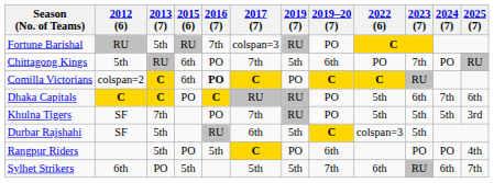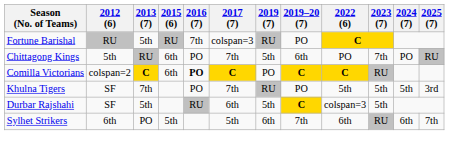 <table class="wikitable" style="text-align: center;">
 <tr>
 <th>Season<br>(No. of Teams)</th>
 <th><a href='#'>2012</a><br>(6)</th>
 <th><a href='#'>2013</a><br>(7)</th>
 <th><a href='#'>2015</a><br>(6)</th>
 <th><a href='#'>2016</a><br>(7)</th>
 <th><a href='#'>2017</a><br>(7)</th>
 <th><a href='#'>2019</a><br>(7)</th>
 <th><a href='#'>2019–20</a><br>(7)</th>
 <th><a href='#'>2022</a><br>(6)</th>
 <th><a href='#'>2023</a><br>(7)</th>
 <th><a href='#'>2024</a><br>(7)</th>
 <th><a href='#'>2025</a><br>(7)</th>
 </tr>
 <tr>
 <td style="text-align:left"><a href='#'>Fortune Barishal</a></td>
 <td style="background:silver;">RU</td>
 <td>5th</td>
 <td style="background:silver;">RU</td>
 <td>7th</td>
 <td>colspan=3 </td>
 <td style="background:silver;">RU</td>
 <td>PO</td>
 <td colspan="2" style="background:gold;"><strong>C</strong></td>
 </tr>
 <tr>
 <td style="text-align:left"><a href='#'>Chittagong Kings</a></td>
 <td>5th</td>
 <td style="background:silver;">RU</td>
 <td>6th</td>
 <td>PO</td>
 <td>7th</td>
 <td>5th</td>
 <td>6th</td>
 <td>PO</td>
 <td>7th</td>
 <td>PO</td>
 <td style="background:silver;">RU</td>
 </tr>
 <tr>
 <td style="text-align:left"><a href='#'>Comilla Victorians</a></td>
 <td>colspan=2 </td>
 <td style="background:gold;"><strong>C</strong></td>
 <td>6th</td>
 <td><strong>PO</strong></td>
 <td style="background:gold;"><strong>C</strong></td>
 <td>PO</td>
 <td style="background:gold;"><strong>C</strong></td>
 <td style="background:gold;"><strong>C</strong></td>
 <td style="background:silver;">RU</td>
 <td></td>
 </tr>
 <tr>
-<td style="text-align:left"><a href='#'>Dhaka Capitals</a></td>
-<td style="background:gold;"><strong>C</strong></td>
-<td style="background:gold;"><strong>C</strong></td>
-<td>PO</td>
-<td style="background:gold;"><strong>C</strong></td>
-<td style="background:silver;">RU</td>
-<td style="background:silver;">RU</td>
-<td>PO</td>
-<td>5th</td>
-<td>6th</td>
-<td>7th</td>
-<td>6th</td>
-</tr>
-<tr>
 <td style="text-align:left"><a href='#'>Khulna Tigers</a></td>
 <td>SF</td>
 <td>7th</td>
 <td></td>
 <td>PO</td>
 <td>7th</td>
 <td style="background:silver;">RU</td>
 <td>PO</td>
 <td>5th</td>
 <td>5th</td>
 <td>5th</td>
 <td>3rd</td>
 </tr>
 <tr>
 <td style="text-align:left"><a href='#'>Durbar Rajshahi</a></td>
 <td>SF</td>
 <td>5th</td>
 <td></td>
 <td style="background:silver;">RU</td>
 <td>6th</td>
 <td>5th</td>
 <td style="background:gold;"><strong>C</strong></td>
 <td>colspan=3 </td>
 <td>5th</td>
 </tr>
 <tr>
-<td style="text-align:left"><a href='#'>Rangpur Riders</a></td>
-<td></td>
-<td>5th</td>
-<td>PO</td>
-<td>5th</td>
-<td style="background:gold;"><strong>C</strong></td>
-<td>PO</td>
-<td>6th</td>
-<td></td>
-<td>PO</td>
-<td>PO</td>
-<td>4th</td>
-</tr>
-<tr>
 <td style="text-align:left"><a href='#'>Sylhet Strikers</a></td>
 <td>6th</td>
 <td>PO</td>
 <td>5th</td>
 <td></td>
 <td>5th</td>
-<td>5th</td>
+<td>6th</td>
 <td>7th</td>
 <td>6th</td>
 <td style="background:silver;">RU</td>
 <td>6th</td>
 <td>7th</td>
 </tr>
 </table>
